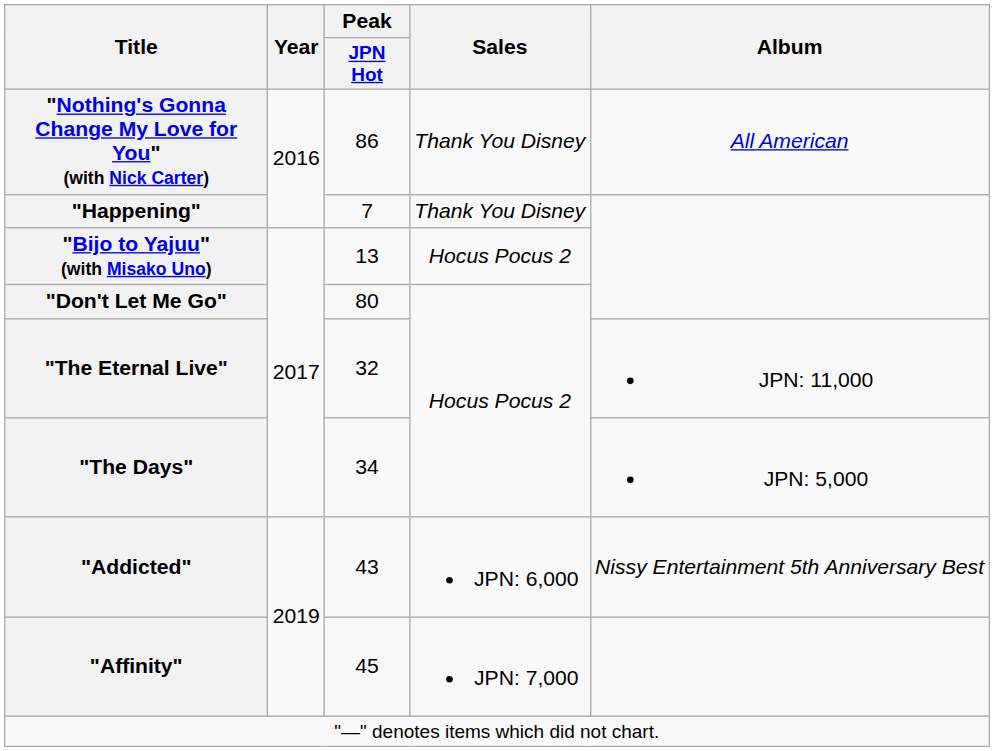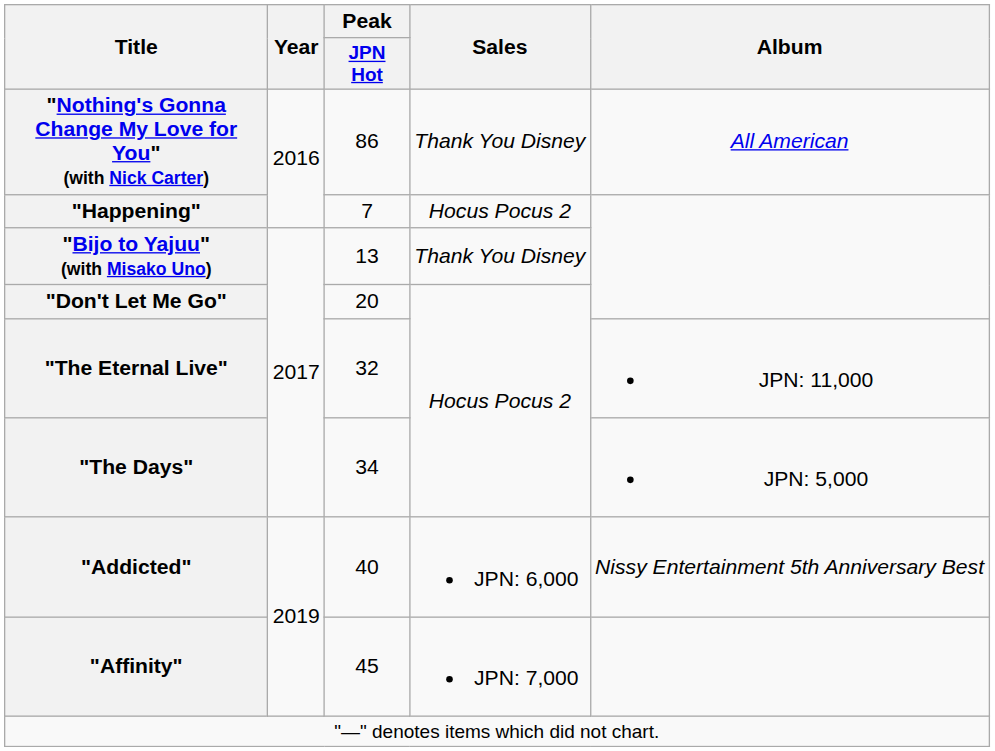 <table class="wikitable plainrowheaders" style="text-align:center;">
 <tr>
 <th scope="col" rowspan="2" style="width:12em;">Title</th>
 <th scope="col" rowspan="2" style="width:2em;">Year</th>
 <th scope="col">Peak</th>
 <th rowspan="2">Sales</th>
 <th scope="col" rowspan="2">Album</th>
 </tr>
 <tr>
 <th scope="col" style="width:4em;font-size:90%;"><a href='#'>JPN<br>Hot</a><br></th>
 </tr>
 <tr>
 <th scope="row">"<a href='#'>Nothing's Gonna Change My Love for You</a>"<br><small>(with <a href='#'>Nick Carter</a>)</small></th>
 <td rowspan="2">2016</td>
 <td>86</td>
 <td><em>Thank You Disney</em></td>
 <td><em><a href='#'>All American</a></em></td>
 </tr>
 <tr>
 <th scope="row">"Happening"</th>
 <td>7</td>
-<td><em>Thank You Disney</em></td>
+<td><em>Hocus Pocus 2</em></td>
 </tr>
 <tr>
 <th scope="row">"<a href='#'>Bijo to Yajuu</a>"<br><small>(with <a href='#'>Misako Uno</a>)</small></th>
 <td rowspan="4">2017</td>
 <td>13</td>
-<td><em>Hocus Pocus 2</em></td>
+<td><em>Thank You Disney</em></td>
 </tr>
 <tr>
 <th scope="row">"Don't Let Me Go"</th>
-<td>80</td>
+<td>20</td>
 <td rowspan="3"><em>Hocus Pocus 2</em></td>
 </tr>
 <tr>
 <th scope="row">"The Eternal Live"</th>
 <td>32</td>
 <td><br><ul><li>JPN: 11,000</li></ul></td>
 </tr>
 <tr>
 <th scope="row">"The Days"</th>
 <td>34</td>
 <td><br><ul><li>JPN: 5,000</li></ul></td>
 </tr>
 <tr>
 <th scope="row">"Addicted"</th>
 <td rowspan="2">2019</td>
-<td>43</td>
+<td>40</td>
 <td><br><ul><li>JPN: 6,000</li></ul></td>
 <td><em>Nissy Entertainment 5th Anniversary Best</em></td>
 </tr>
 <tr>
 <th scope="row">"Affinity"</th>
 <td>45</td>
 <td><br><ul><li>JPN: 7,000</li></ul></td>
 <td></td>
 </tr>
 <tr>
 <td colspan="12" align="center" style="font-size:90%;">"—" denotes items which did not chart.</td>
 </tr>
 </table>
